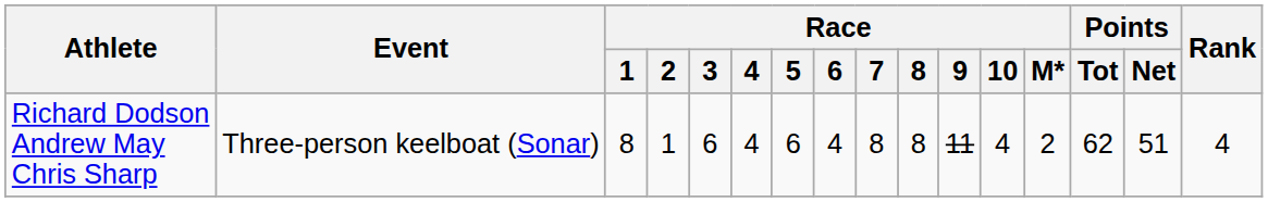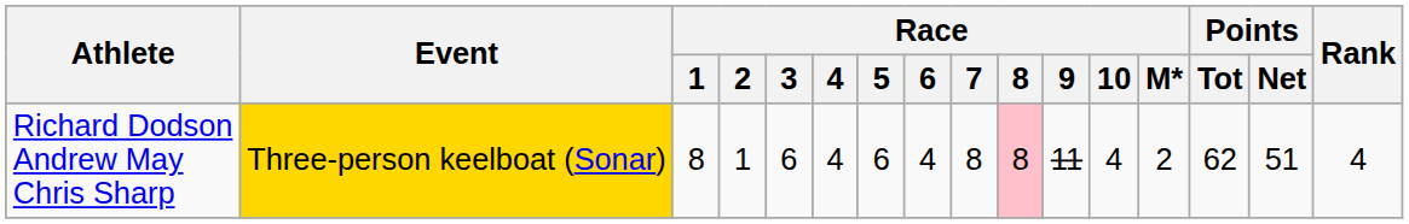 <table class=wikitable style="font-size:90%">
 <tr>
 <th rowspan="2">Athlete</th>
 <th rowspan="2">Event</th>
 <th colspan="11">Race</th>
 <th colspan="2">Points</th>
 <th rowspan="2">Rank</th>
 </tr>
 <tr>
 <th width="15">1</th>
 <th width="15">2</th>
 <th width="15">3</th>
 <th width="15">4</th>
 <th width="15">5</th>
 <th width="15">6</th>
 <th width="15">7</th>
 <th width="15">8</th>
 <th width="15">9</th>
 <th width="15">10</th>
 <th width="15">M*</th>
 <th>Tot</th>
 <th>Net</th>
 </tr>
 <tr style="text-align:center">
 <td style="text-align:left"><a href='#'>Richard Dodson</a><br><a href='#'>Andrew May</a><br><a href='#'>Chris Sharp</a></td>
-<td style="text-align:left">Three-person keelboat (<a href='#'>Sonar</a>)</td>
+<td style="background: gold; text-align:left">Three-person keelboat (<a href='#'>Sonar</a>)</td>
 <td>8</td>
 <td>1</td>
 <td>6</td>
 <td>4</td>
 <td>6</td>
 <td>4</td>
 <td>8</td>
-<td>8</td>
+<td style="background: pink;">8</td>
 <td><s>11</s></td>
 <td>4</td>
 <td>2</td>
 <td>62</td>
 <td>51</td>
 <td>4</td>
 </tr>
 </table>
